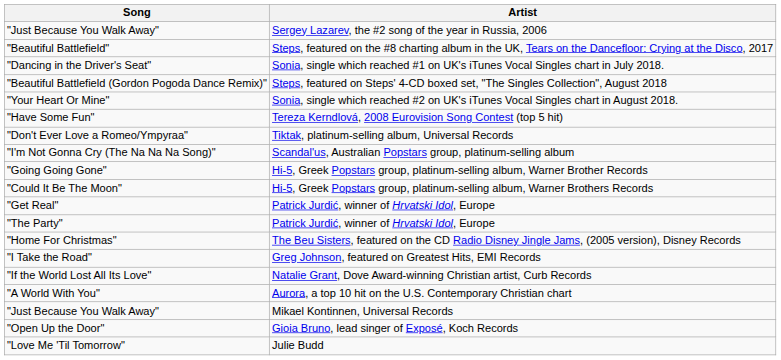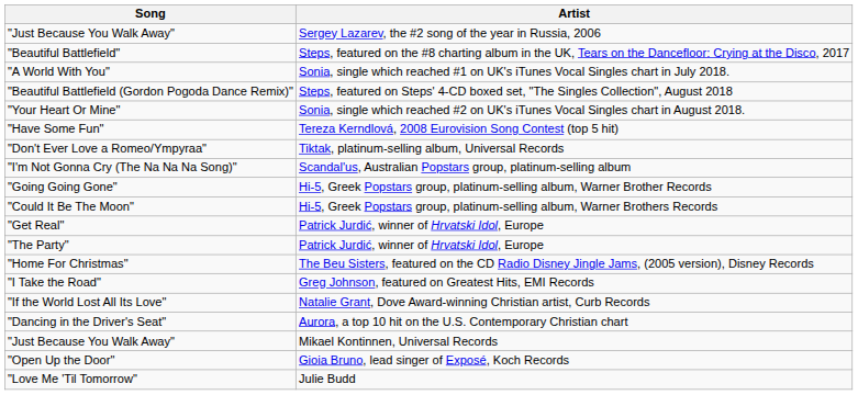 <table class="wikitable">
 <tr>
 <th>Song</th>
 <th>Artist</th>
 </tr>
 <tr>
 <td>"Just Because You Walk Away"</td>
 <td><a href='#'>Sergey Lazarev</a>, the #2 song of the year in Russia, 2006</td>
 </tr>
 <tr>
 <td>"Beautiful Battlefield"</td>
 <td><a href='#'>Steps</a>, featured on the #8 charting album in the UK, <a href='#'>Tears on the Dancefloor: Crying at the Disco</a>, 2017</td>
 </tr>
 <tr>
-<td>"Dancing in the Driver's Seat"</td>
+<td>"A World With You"</td>
 <td><a href='#'>Sonia</a>, single which reached #1 on UK's iTunes Vocal Singles chart in July 2018.</td>
 </tr>
 <tr>
 <td>"Beautiful Battlefield (Gordon Pogoda Dance Remix)"</td>
 <td><a href='#'>Steps</a>, featured on Steps' 4-CD boxed set, "The Singles Collection", August 2018</td>
 </tr>
 <tr>
 <td>"Your Heart Or  Mine"</td>
 <td><a href='#'>Sonia</a>, single which reached #2 on UK's iTunes Vocal Singles chart in August 2018.</td>
 </tr>
 <tr>
 <td>"Have Some Fun"</td>
 <td><a href='#'>Tereza Kerndlová</a>, <a href='#'>2008 Eurovision Song Contest</a> (top 5 hit)</td>
 </tr>
 <tr>
 <td>"Don't Ever Love a Romeo/Ympyraa"</td>
 <td><a href='#'>Tiktak</a>, platinum-selling album, Universal Records</td>
 </tr>
 <tr>
 <td>"I'm Not Gonna Cry (The Na Na Na Song)"</td>
 <td><a href='#'>Scandal'us</a>, Australian <a href='#'>Popstars</a> group, platinum-selling album</td>
 </tr>
 <tr>
 <td>"Going Going Gone"</td>
 <td><a href='#'>Hi-5</a>, Greek <a href='#'>Popstars</a> group, platinum-selling album, Warner Brother Records</td>
 </tr>
 <tr>
 <td>"Could It Be The Moon"</td>
 <td><a href='#'>Hi-5</a>, Greek <a href='#'>Popstars</a> group, platinum-selling album, Warner Brothers Records</td>
 </tr>
 <tr>
 <td>"Get Real"</td>
 <td><a href='#'>Patrick Jurdić</a>, winner of <em><a href='#'>Hrvatski Idol</a></em>, Europe</td>
 </tr>
 <tr>
 <td>"The Party"</td>
 <td><a href='#'>Patrick Jurdić</a>, winner of <em><a href='#'>Hrvatski Idol</a></em>, Europe</td>
 </tr>
 <tr>
 <td>"Home For Christmas"</td>
 <td><a href='#'>The Beu Sisters</a>, featured on the CD <a href='#'>Radio Disney Jingle Jams</a>, (2005 version), Disney Records</td>
 </tr>
 <tr>
 <td>"I Take the Road"</td>
 <td><a href='#'>Greg Johnson</a>, featured on Greatest Hits, EMI Records</td>
 </tr>
 <tr>
 <td>"If the World Lost All Its Love"</td>
 <td><a href='#'>Natalie Grant</a>, Dove Award-winning Christian artist, Curb Records</td>
 </tr>
 <tr>
-<td>"A World With You"</td>
+<td>"Dancing in the Driver's Seat"</td>
 <td><a href='#'>Aurora</a>, a top 10 hit on the U.S. Contemporary Christian chart</td>
 </tr>
 <tr>
 <td>"Just Because You Walk Away"</td>
 <td>Mikael Kontinnen, Universal Records</td>
 </tr>
 <tr>
 <td>"Open Up the Door"</td>
 <td><a href='#'>Gioia Bruno</a>, lead singer of <a href='#'>Exposé</a>, Koch Records</td>
 </tr>
 <tr>
 <td>"Love Me 'Til Tomorrow"</td>
 <td>Julie Budd</td>
 </tr>
 </table>
